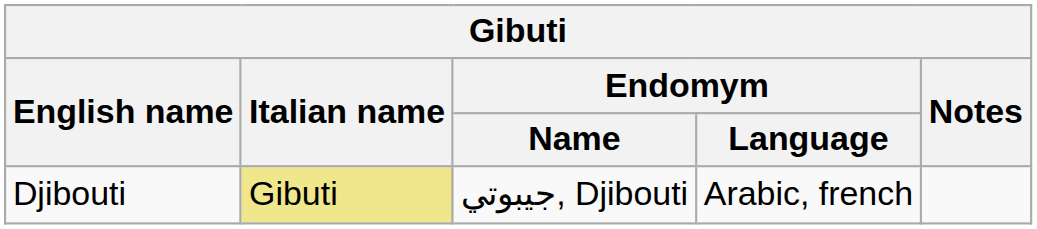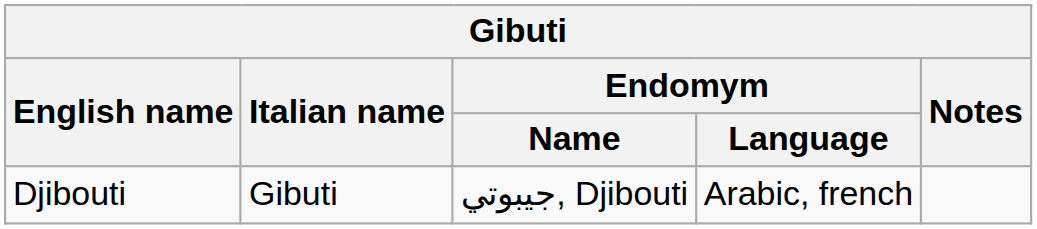 <table class="wikitable sortable">
 <tr>
 <th colspan="5"> Gibuti</th>
 </tr>
 <tr>
 <th rowspan="2">English name</th>
 <th rowspan="2">Italian name</th>
 <th colspan="2">Endomym</th>
 <th rowspan="2">Notes</th>
 </tr>
 <tr>
 <th>Name</th>
 <th>Language</th>
 </tr>
 <tr>
 <td>Djibouti</td>
-<td style="background: khaki;">Gibuti</td>
+<td>Gibuti</td>
 <td>جيبوتي, Djibouti</td>
 <td>Arabic, french</td>
 <td></td>
 </tr>
 </table>
